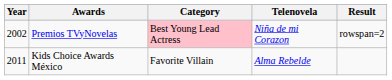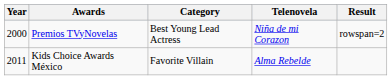 <table class="wikitable">
 <tr style="background:#b0c4de;">
 <th>Year</th>
 <th>Awards</th>
 <th>Category</th>
 <th>Telenovela</th>
 <th>Result</th>
 </tr>
 <tr>
-<td>2002</td>
+<td>2000</td>
 <td><a href='#'>Premios TVyNovelas</a></td>
-<td style="background: pink;">Best Young Lead Actress</td>
+<td>Best Young Lead Actress</td>
 <td><em><a href='#'>Niña de mi Corazon</a></em></td>
 <td>rowspan=2 </td>
 </tr>
 <tr>
 <td>2011</td>
 <td>Kids Choice Awards México</td>
 <td>Favorite Villain</td>
 <td><em><a href='#'>Alma Rebelde</a></em></td>
 </tr>
 </table>
